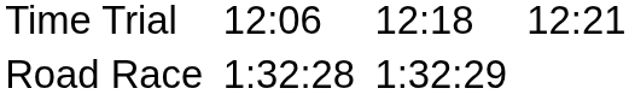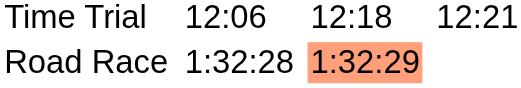 <table>
 <tr>
 <td>Time Trial</td>
 <td></td>
 <td>12:06</td>
 <td></td>
 <td>12:18</td>
 <td></td>
 <td>12:21</td>
 </tr>
 <tr>
 <td>Road Race</td>
 <td></td>
 <td>1:32:28</td>
 <td></td>
-<td>1:32:29</td>
+<td style="background: lightsalmon;">1:32:29</td>
 <td></td>
 <td></td>
 </tr>
 </table>
